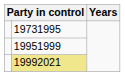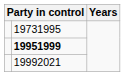 <table class="wikitable">
 <tr>
 <th colspan="2">Party in control</th>
 <th>Years</th>
 </tr>
 <tr>
 <td></td>
 <td>19731995</td>
 </tr>
 <tr>
 <td></td>
-<td>19951999</td>
+<td><strong>19951999</strong></td>
 </tr>
 <tr>
 <td></td>
-<td style="background: khaki;">19992021</td>
+<td>19992021</td>
 </tr>
 </table>
